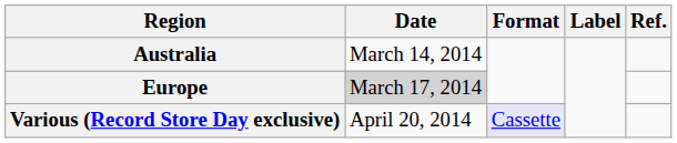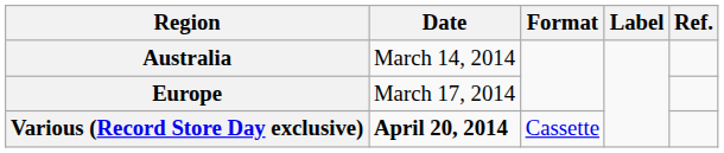 <table class="wikitable plainrowheaders">
 <tr>
 <th scope="col">Region</th>
 <th scope="col">Date</th>
 <th scope="col">Format</th>
 <th scope="col">Label</th>
 <th scope="col">Ref.</th>
 </tr>
 <tr>
 <th scope="row">Australia</th>
 <td>March 14, 2014</td>
 <td rowspan="2"></td>
 <td rowspan="3"></td>
 <td></td>
 </tr>
 <tr>
 <th scope="row">Europe</th>
-<td style="background: lightgrey;">March 17, 2014</td>
+<td>March 17, 2014</td>
 <td></td>
 </tr>
 <tr>
 <th scope="row">Various (<a href='#'>Record Store Day</a> exclusive)</th>
-<td>April 20, 2014</td>
-<td scope="row" style="background: lavender;"><a href='#'>Cassette</a></td>
+<td><strong>April 20, 2014</strong></td>
+<td scope="row"><a href='#'>Cassette</a></td>
 <td></td>
 </tr>
 </table>
